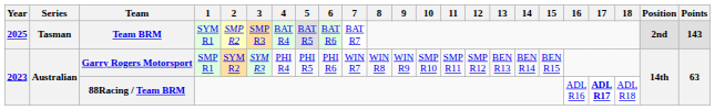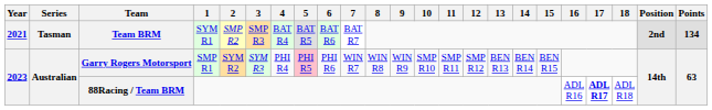 <table class="wikitable" style="text-align:center; font-size:85%">
 <tr>
 <th>Year</th>
 <th>Series</th>
 <th>Team</th>
 <th>1</th>
 <th>2</th>
 <th>3</th>
 <th>4</th>
 <th>5</th>
 <th>6</th>
 <th>7</th>
 <th>8</th>
 <th>9</th>
 <th>10</th>
 <th>11</th>
 <th>12</th>
 <th>13</th>
 <th>14</th>
 <th>15</th>
 <th>16</th>
 <th>17</th>
 <th>18</th>
 <th>Position</th>
 <th>Points</th>
 </tr>
 <tr>
-<th><a href='#'>2025</a></th>
+<th><a href='#'>2021</a></th>
 <th>Tasman</th>
 <th nowrap><a href='#'>Team BRM</a></th>
 <td style="background:#dfffdf"><a href='#'>SYM<br>R1</a><br></td>
 <td style="background:#ffffbf"><em><a href='#'>SMP<br>R2</a></em><br></td>
 <td style="background:#FFDF9F"><a href='#'>SMP<br>R3</a><br></td>
 <td style="background:#dfffdf"><a href='#'>BAT<br>R4</a><br></td>
 <td style="background:#dfdfdf"><a href='#'>BAT<br>R5</a><br></td>
 <td style="background:#dfffdf"><a href='#'>BAT<br>R6</a><br></td>
 <td style="background:#ffffff"><a href='#'>BAT<br>R7</a><br></td>
 <td colspan=11></td>
 <th style="background:#dfdfdf">2nd</th>
-<th style="background:#dfdfdf">143</th>
+<th style="background:#dfdfdf">134</th>
 </tr>
 <tr>
 <th rowspan=2><a href='#'>2023</a></th>
 <th rowspan=2>Australian</th>
 <th nowrap><a href='#'>Garry Rogers Motorsport</a></th>
 <td style="background:#dfffdf"><a href='#'>SMP<br>R1</a><br></td>
 <td style="background:#ffdf9f"><a href='#'>SYM<br>R2</a><br></td>
 <td style="background:#dfffdf"><em><a href='#'>SYM<br>R3</a></em><br></td>
 <td><a href='#'>PHI<br>R4</a></td>
-<td><a href='#'>PHI<br>R5</a></td>
+<td style="background: pink;"><a href='#'>PHI<br>R5</a></td>
 <td><a href='#'>PHI<br>R6</a></td>
 <td><a href='#'>WIN<br>R7</a></td>
 <td><a href='#'>WIN<br>R8</a></td>
 <td><a href='#'>WIN<br>R9</a></td>
 <td><a href='#'>SMP<br>R10</a></td>
 <td><a href='#'>SMP<br>R11</a></td>
 <td><a href='#'>SMP<br>R12</a></td>
 <td><a href='#'>BEN<br>R13</a></td>
 <td><a href='#'>BEN<br>R14</a></td>
 <td><a href='#'>BEN<br>R15</a></td>
 <td colspan=3></td>
 <th rowspan=2>14th</th>
 <th rowspan=2>63</th>
 </tr>
 <tr>
 <th nowrap>88Racing / <a href='#'>Team BRM</a></th>
 <td colspan=15></td>
 <td style="background:#ffffff"><a href='#'>ADL<br>R16</a><br></td>
 <td style="background:#ffffff"><strong><a href='#'>ADL<br>R17</a><br></strong></td>
 <td style="background:#ffffff"><a href='#'>ADL<br>R18</a><br></td>
 </tr>
 </table>
